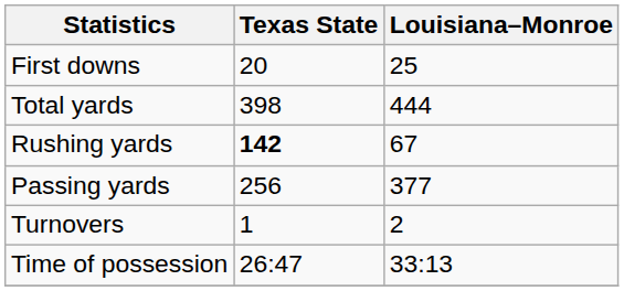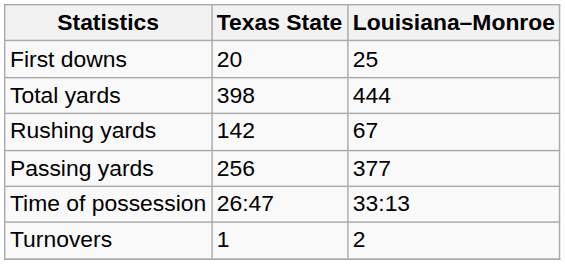 <table class="wikitable">
 <tr>
 <th>Statistics</th>
 <th>Texas State</th>
 <th>Louisiana–Monroe</th>
 </tr>
 <tr>
 <td>First downs</td>
 <td>20</td>
 <td>25</td>
 </tr>
 <tr>
 <td>Total yards</td>
 <td>398</td>
 <td>444</td>
 </tr>
 <tr>
 <td>Rushing yards</td>
-<td><strong>142</strong></td>
+<td>142</td>
 <td>67</td>
 </tr>
 <tr>
 <td>Passing yards</td>
 <td>256</td>
 <td>377</td>
 </tr>
 <tr>
+<td>Time of possession</td>
+<td>26:47</td>
+<td>33:13</td>
+</tr>
+<tr>
 <td>Turnovers</td>
 <td>1</td>
 <td>2</td>
 </tr>
 <tr>
-<td>Time of possession</td>
-<td>26:47</td>
-<td>33:13</td>
-</tr>
-<tr>
 </tr>
 </table>
